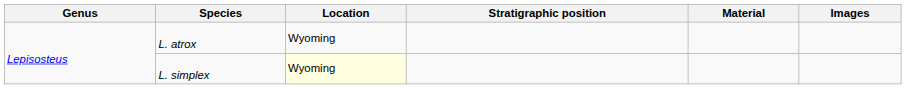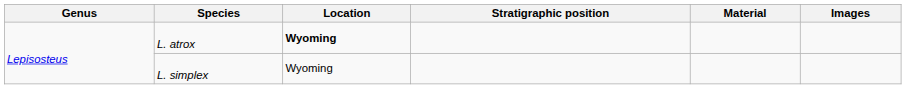 <table class="wikitable sortable mw-collapsible" style="margin:auto; width:100%">
 <tr>
 <th>Genus</th>
 <th>Species</th>
 <th>Location</th>
 <th>Stratigraphic position</th>
 <th>Material</th>
 <th>Images</th>
 </tr>
 <tr>
 <td rowspan=2><br><em><a href='#'>Lepisosteus</a></em></td>
 <td><br><em>L. atrox</em></td>
-<td>Wyoming</td>
+<td><strong>Wyoming</strong></td>
 <td></td>
 <td></td>
 <td></td>
 </tr>
 <tr>
 <td><br><em>L. simplex</em></td>
-<td style="background: lightyellow;">Wyoming</td>
+<td>Wyoming</td>
 <td></td>
 <td></td>
 <td></td>
 </tr>
 </table>
